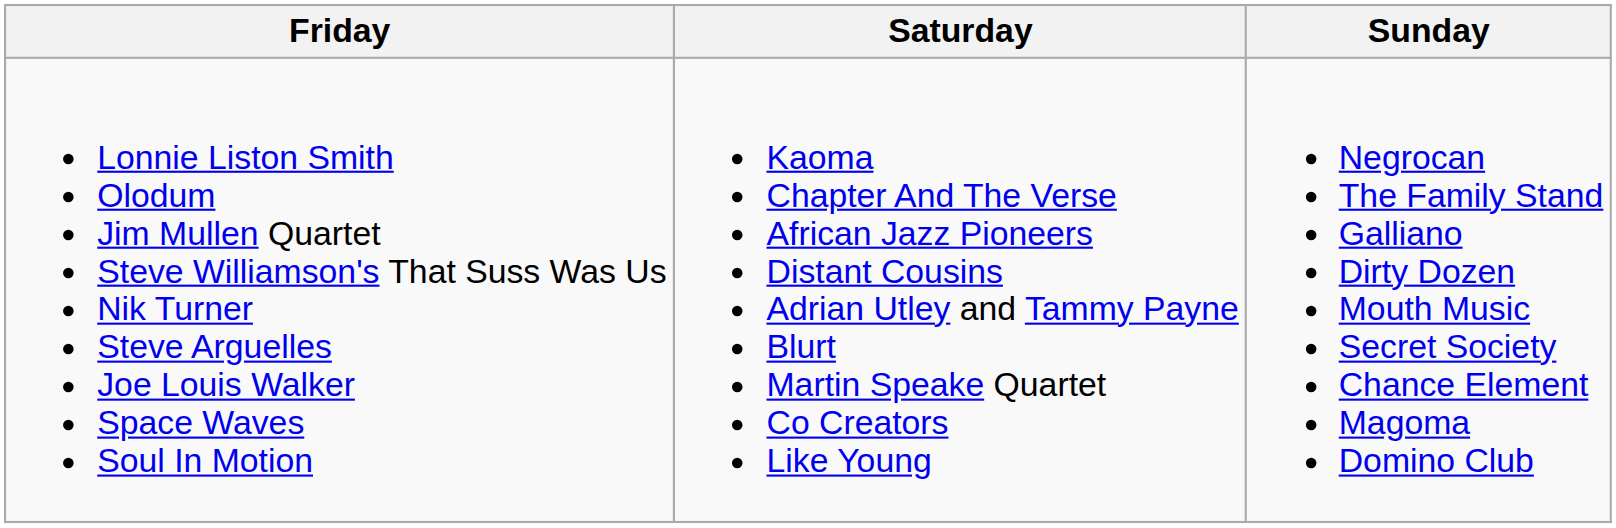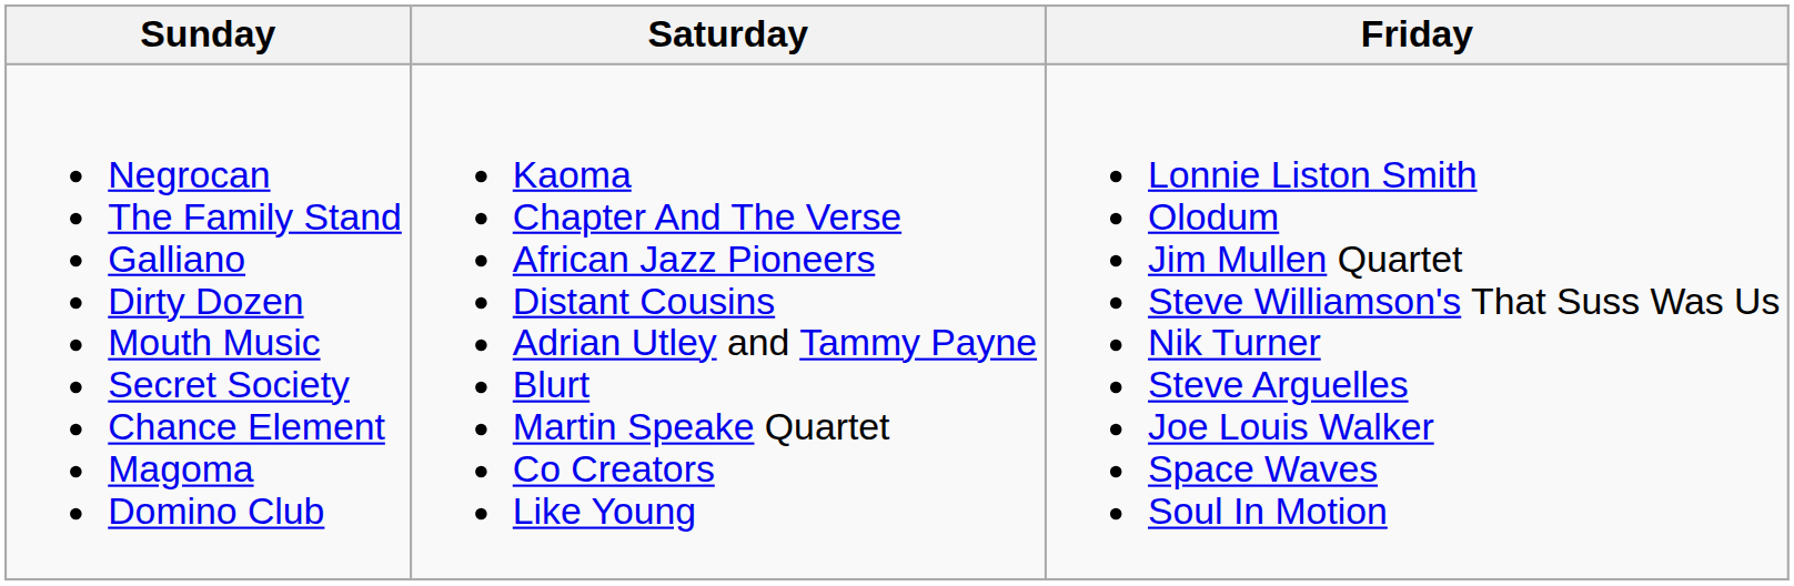 <table class="wikitable">
 <tr>
+<th>Sunday</th>
+<th>Saturday</th>
 <th>Friday</th>
-<th>Saturday</th>
-<th>Sunday</th>
 </tr>
 <tr valign="top">
+<td><br><ul><li><a href='#'>Negrocan</a></li><li><a href='#'>The Family Stand</a></li><li><a href='#'>Galliano</a></li><li><a href='#'>Dirty Dozen</a></li><li><a href='#'>Mouth Music</a></li><li><a href='#'>Secret Society</a></li><li><a href='#'>Chance Element</a></li><li><a href='#'>Magoma</a></li><li><a href='#'>Domino Club</a></li></ul></td>
+<td><br><ul><li><a href='#'>Kaoma</a></li><li><a href='#'>Chapter And The Verse</a></li><li><a href='#'>African Jazz Pioneers</a></li><li><a href='#'>Distant Cousins</a></li><li><a href='#'>Adrian Utley</a> and <a href='#'>Tammy Payne</a></li><li><a href='#'>Blurt</a></li><li><a href='#'>Martin Speake</a> Quartet</li><li><a href='#'>Co Creators</a></li><li><a href='#'>Like Young</a></li></ul></td>
 <td><br><ul><li><a href='#'>Lonnie Liston Smith</a></li><li><a href='#'>Olodum</a></li><li><a href='#'>Jim Mullen</a> Quartet</li><li><a href='#'>Steve Williamson's</a> That Suss Was Us</li><li><a href='#'>Nik Turner</a></li><li><a href='#'>Steve Arguelles</a></li><li><a href='#'>Joe Louis Walker</a></li><li><a href='#'>Space Waves</a></li><li><a href='#'>Soul In Motion</a></li></ul></td>
-<td><br><ul><li><a href='#'>Kaoma</a></li><li><a href='#'>Chapter And The Verse</a></li><li><a href='#'>African Jazz Pioneers</a></li><li><a href='#'>Distant Cousins</a></li><li><a href='#'>Adrian Utley</a> and <a href='#'>Tammy Payne</a></li><li><a href='#'>Blurt</a></li><li><a href='#'>Martin Speake</a> Quartet</li><li><a href='#'>Co Creators</a></li><li><a href='#'>Like Young</a></li></ul></td>
-<td><br><ul><li><a href='#'>Negrocan</a></li><li><a href='#'>The Family Stand</a></li><li><a href='#'>Galliano</a></li><li><a href='#'>Dirty Dozen</a></li><li><a href='#'>Mouth Music</a></li><li><a href='#'>Secret Society</a></li><li><a href='#'>Chance Element</a></li><li><a href='#'>Magoma</a></li><li><a href='#'>Domino Club</a></li></ul></td>
 </tr>
 </table>
